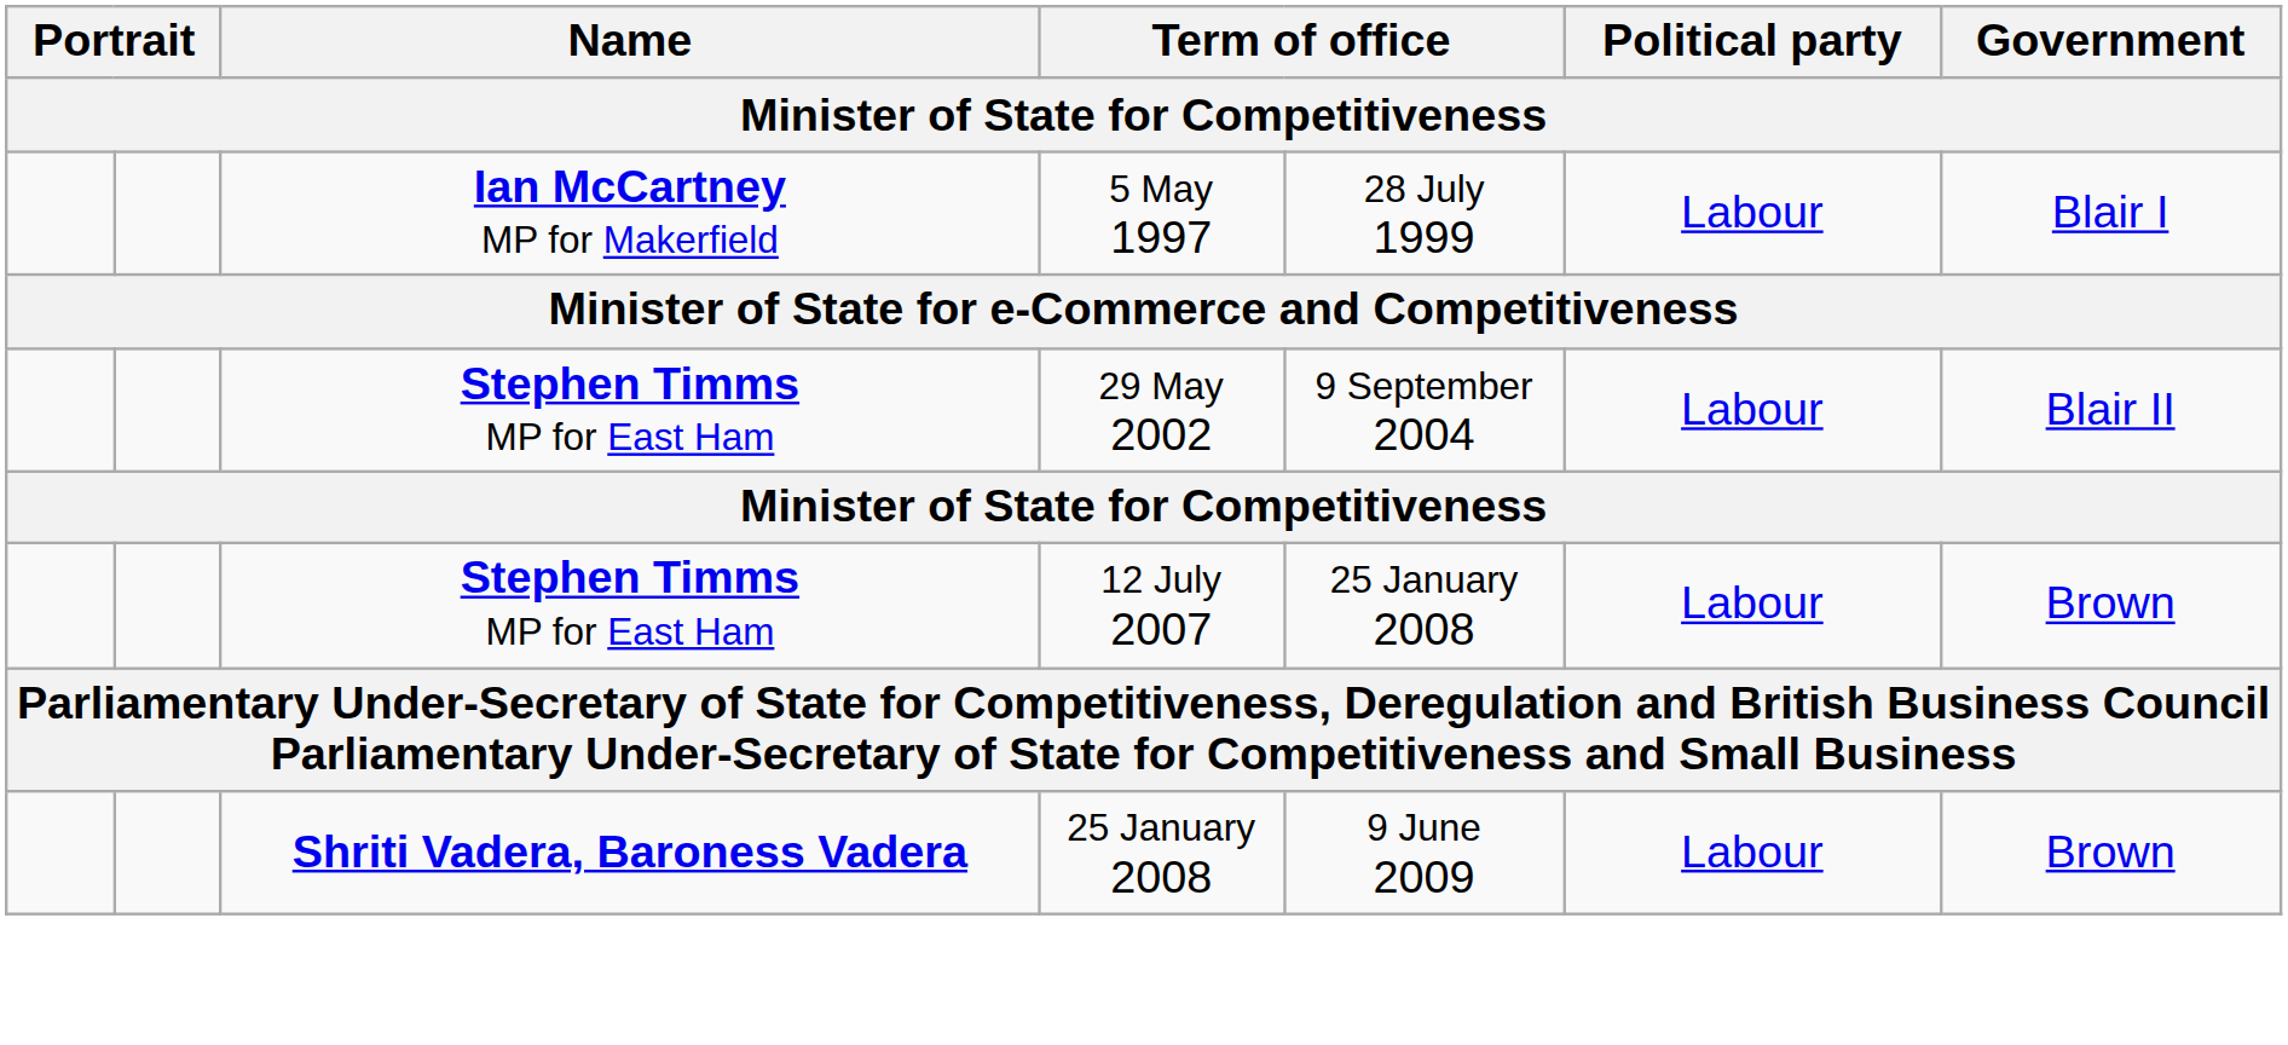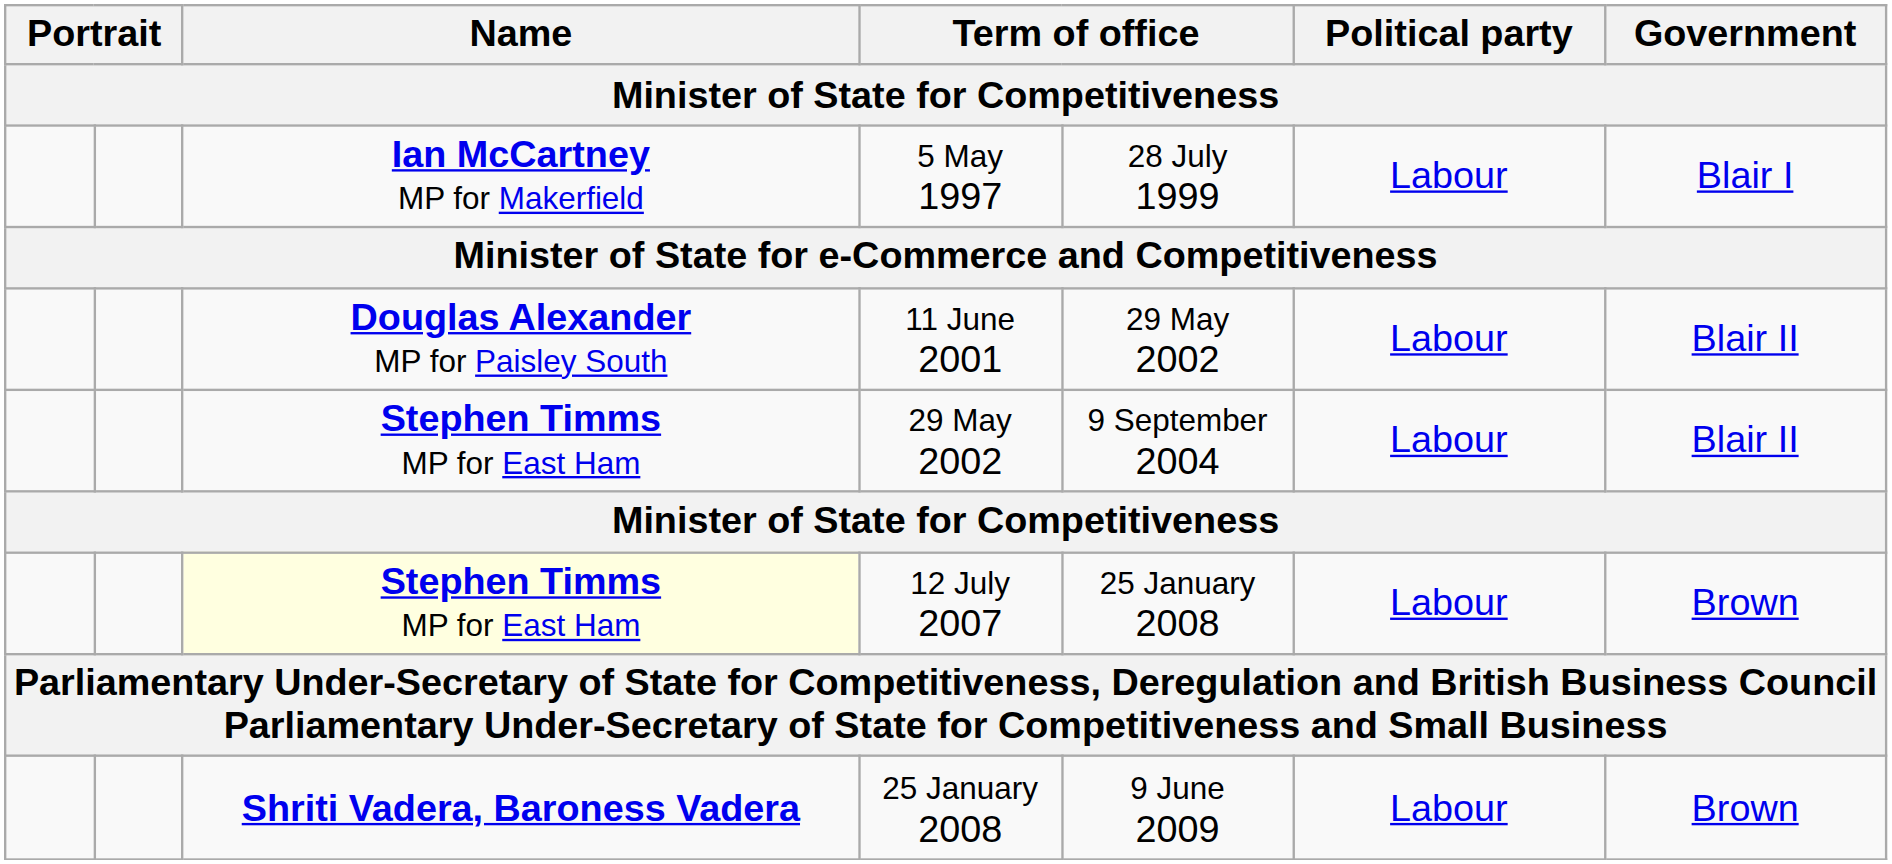 <table class="wikitable" style="text-align:Center;">
 <tr>
 <th colspan=2>Portrait</th>
 <th>Name</th>
 <th colspan=2>Term of office</th>
 <th>Political party</th>
 <th>Government</th>
 </tr>
 <tr>
 <th colspan="7">Minister of State for Competitiveness</th>
 </tr>
 <tr>
 <td style="background-color: "></td>
 <td></td>
 <td><strong><a href='#'>Ian McCartney</a></strong><br><small>MP for <a href='#'>Makerfield</a></small></td>
 <td><small>5 May</small><br>1997</td>
 <td><small>28 July</small><br>1999</td>
 <td><a href='#'>Labour</a></td>
 <td><a href='#'>Blair I</a></td>
 </tr>
 <tr>
 <th colspan="7">Minister of State for e-Commerce and Competitiveness</th>
 </tr>
 <tr>
 <td style="background-color: "></td>
 <td></td>
+<td><strong><a href='#'>Douglas Alexander</a></strong><br><small>MP for <a href='#'>Paisley South</a></small></td>
+<td><small>11 June</small><br>2001</td>
+<td><small>29 May</small><br>2002</td>
+<td><a href='#'>Labour</a></td>
+<td><a href='#'>Blair II</a></td>
+</tr>
+<tr>
+<td style="background-color: "></td>
+<td></td>
 <td><strong><a href='#'>Stephen Timms</a></strong><br><small>MP for <a href='#'>East Ham</a></small></td>
 <td><small>29 May</small><br>2002</td>
 <td><small>9 September</small><br>2004</td>
 <td><a href='#'>Labour</a></td>
 <td><a href='#'>Blair II</a></td>
 </tr>
 <tr>
 <th colspan="7">Minister of State for Competitiveness</th>
 </tr>
 <tr>
 <td style="background-color: "></td>
 <td></td>
-<td><strong><a href='#'>Stephen Timms</a></strong><br><small>MP for <a href='#'>East Ham</a></small></td>
+<td style="background: lightyellow;"><strong><a href='#'>Stephen Timms</a></strong><br><small>MP for <a href='#'>East Ham</a></small></td>
 <td><small>12 July</small><br>2007</td>
 <td><small>25 January</small><br>2008</td>
 <td><a href='#'>Labour</a></td>
 <td><a href='#'>Brown</a></td>
 </tr>
 <tr>
 <th colspan="7">Parliamentary Under-Secretary of State for Competitiveness, Deregulation and British Business Council <br>Parliamentary Under-Secretary of State for Competitiveness and Small Business</th>
 </tr>
 <tr>
 <td style="background-color: "></td>
 <td></td>
 <td><strong><a href='#'>Shriti Vadera, Baroness Vadera</a></strong><br></td>
 <td><small>25 January</small><br>2008</td>
 <td><small>9 June</small><br>2009</td>
 <td><a href='#'>Labour</a></td>
 <td><a href='#'>Brown</a></td>
 </tr>
 </table>
